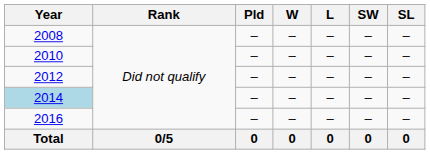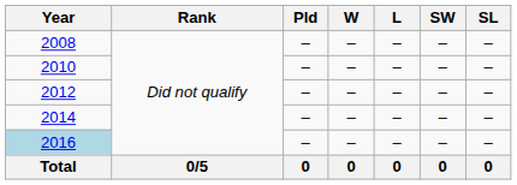 <table class="wikitable" style="text-align: center;font-size:90%;">
 <tr>
 <th width=90>Year</th>
 <th width=150>Rank</th>
 <th width=35>Pld</th>
 <th width=35>W</th>
 <th width=35>L</th>
 <th width=35>SW</th>
 <th width=35>SL</th>
 </tr>
 <tr>
 <td> <a href='#'>2008</a></td>
 <td rowspan=5><em>Did not qualify</em></td>
 <td>–</td>
 <td>–</td>
 <td>–</td>
 <td>–</td>
 <td>–</td>
 </tr>
 <tr>
 <td> <a href='#'>2010</a></td>
 <td>–</td>
 <td>–</td>
 <td>–</td>
 <td>–</td>
 <td>–</td>
 </tr>
 <tr>
 <td> <a href='#'>2012</a></td>
 <td>–</td>
 <td>–</td>
 <td>–</td>
 <td>–</td>
 <td>–</td>
 </tr>
 <tr>
-<td style="background: lightblue;"> <a href='#'>2014</a></td>
+<td> <a href='#'>2014</a></td>
 <td>–</td>
 <td>–</td>
 <td>–</td>
 <td>–</td>
 <td>–</td>
 </tr>
 <tr>
-<td> <a href='#'>2016</a></td>
+<td style="background: lightblue;"> <a href='#'>2016</a></td>
 <td>–</td>
 <td>–</td>
 <td>–</td>
 <td>–</td>
 <td>–</td>
 </tr>
 <tr>
 <th>Total</th>
 <th>0/5</th>
 <th>0</th>
 <th>0</th>
 <th>0</th>
 <th>0</th>
 <th>0</th>
 </tr>
 </table>
